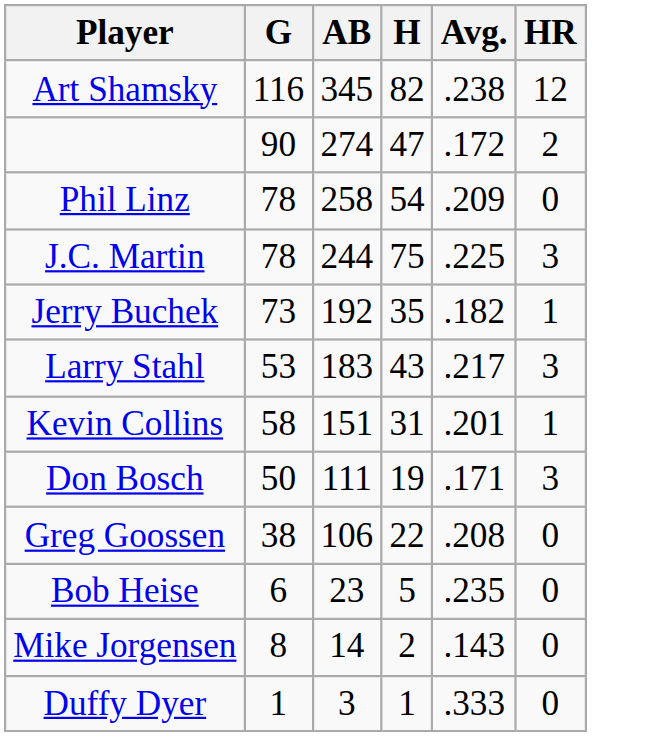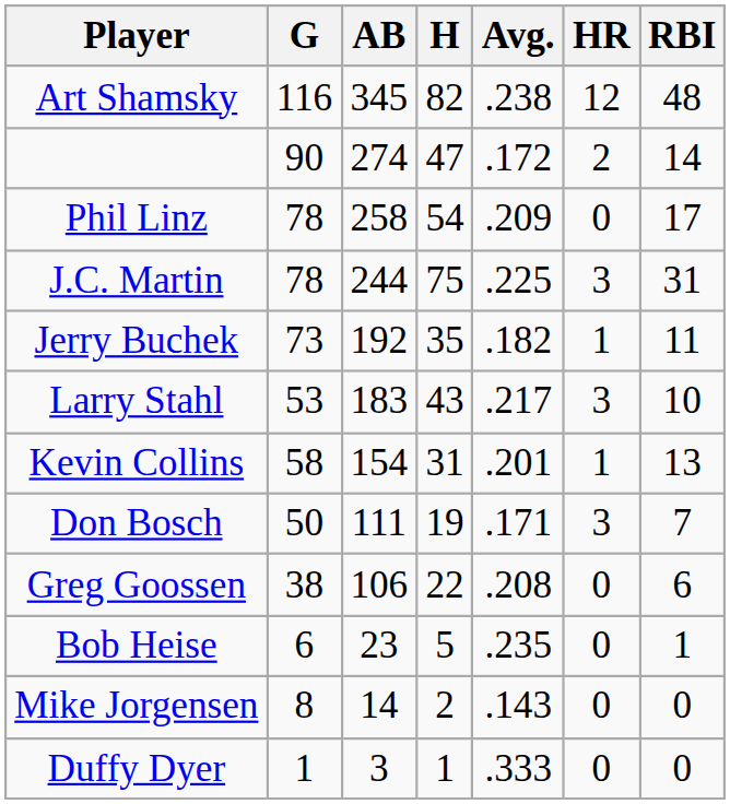 <table class="wikitable sortable">
 <tr>
 <th>Player</th>
 <th>G</th>
 <th>AB</th>
 <th>H</th>
 <th>Avg.</th>
 <th>HR</th>
+<th>RBI</th>
 </tr>
 <tr align="center">
 <td><a href='#'>Art Shamsky</a></td>
 <td>116</td>
 <td>345</td>
 <td>82</td>
 <td>.238</td>
 <td>12</td>
+<td>48</td>
 </tr>
 <tr align=center>
 <td></td>
 <td>90</td>
 <td>274</td>
 <td>47</td>
 <td>.172</td>
 <td>2</td>
+<td>14</td>
 </tr>
 <tr align="center">
 <td><a href='#'>Phil Linz</a></td>
 <td>78</td>
 <td>258</td>
 <td>54</td>
 <td>.209</td>
 <td>0</td>
+<td>17</td>
 </tr>
 <tr align=center>
 <td><a href='#'>J.C. Martin</a></td>
 <td>78</td>
 <td>244</td>
 <td>75</td>
 <td>.225</td>
 <td>3</td>
+<td>31</td>
 </tr>
 <tr align=center>
 <td><a href='#'>Jerry Buchek</a></td>
 <td>73</td>
 <td>192</td>
 <td>35</td>
 <td>.182</td>
 <td>1</td>
+<td>11</td>
 </tr>
 <tr align=center>
 <td><a href='#'>Larry Stahl</a></td>
 <td>53</td>
 <td>183</td>
 <td>43</td>
 <td>.217</td>
 <td>3</td>
+<td>10</td>
 </tr>
 <tr align=center>
 <td><a href='#'>Kevin Collins</a></td>
 <td>58</td>
-<td>151</td>
+<td>154</td>
 <td>31</td>
 <td>.201</td>
 <td>1</td>
+<td>13</td>
 </tr>
 <tr align=center>
 <td><a href='#'>Don Bosch</a></td>
 <td>50</td>
 <td>111</td>
 <td>19</td>
 <td>.171</td>
 <td>3</td>
+<td>7</td>
 </tr>
 <tr align=center>
 <td><a href='#'>Greg Goossen</a></td>
 <td>38</td>
 <td>106</td>
 <td>22</td>
 <td>.208</td>
 <td>0</td>
+<td>6</td>
 </tr>
 <tr align=center>
 <td><a href='#'>Bob Heise</a></td>
 <td>6</td>
 <td>23</td>
 <td>5</td>
 <td>.235</td>
 <td>0</td>
+<td>1</td>
 </tr>
 <tr align=center>
 <td><a href='#'>Mike Jorgensen</a></td>
 <td>8</td>
 <td>14</td>
 <td>2</td>
 <td>.143</td>
+<td>0</td>
 <td>0</td>
 </tr>
 <tr align=center>
 <td><a href='#'>Duffy Dyer</a></td>
 <td>1</td>
 <td>3</td>
 <td>1</td>
 <td>.333</td>
 <td>0</td>
+<td>0</td>
 </tr>
 </table>
